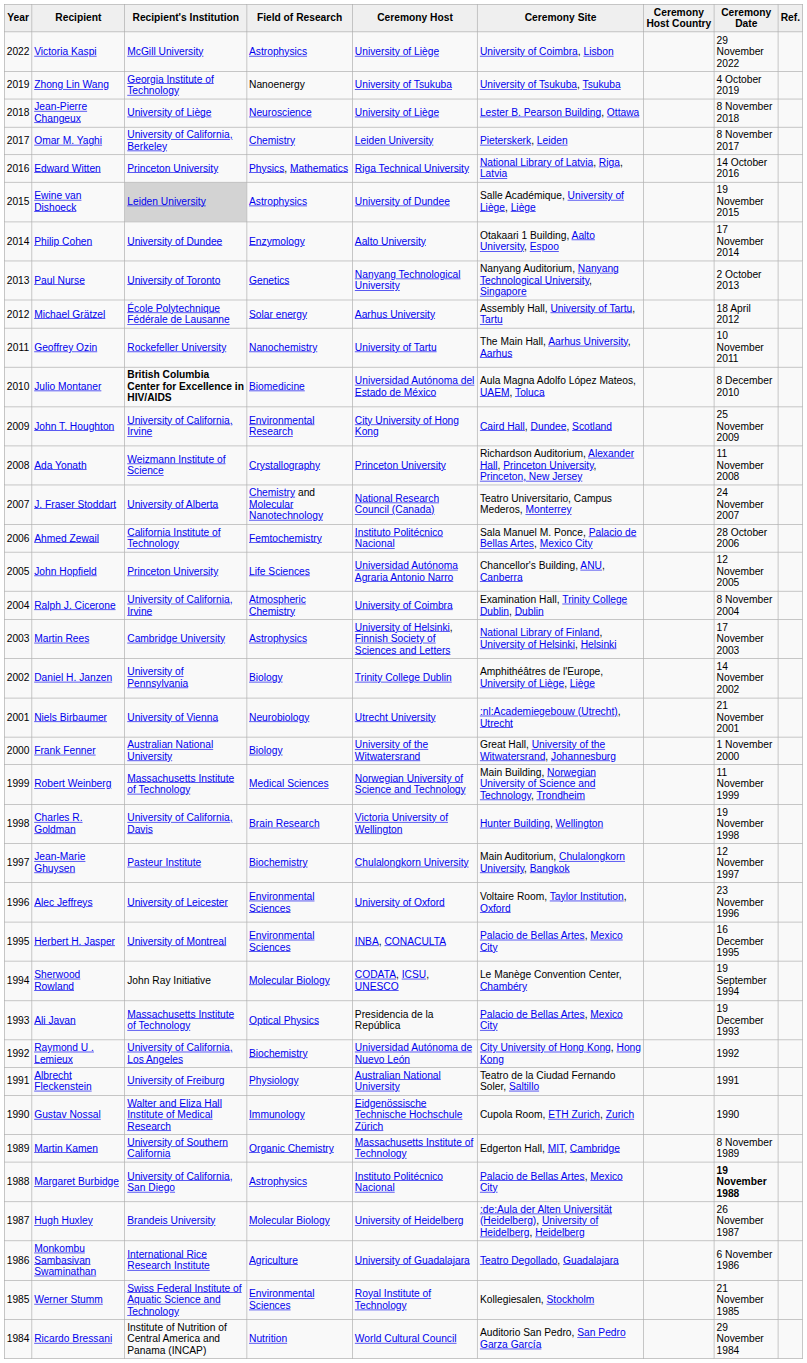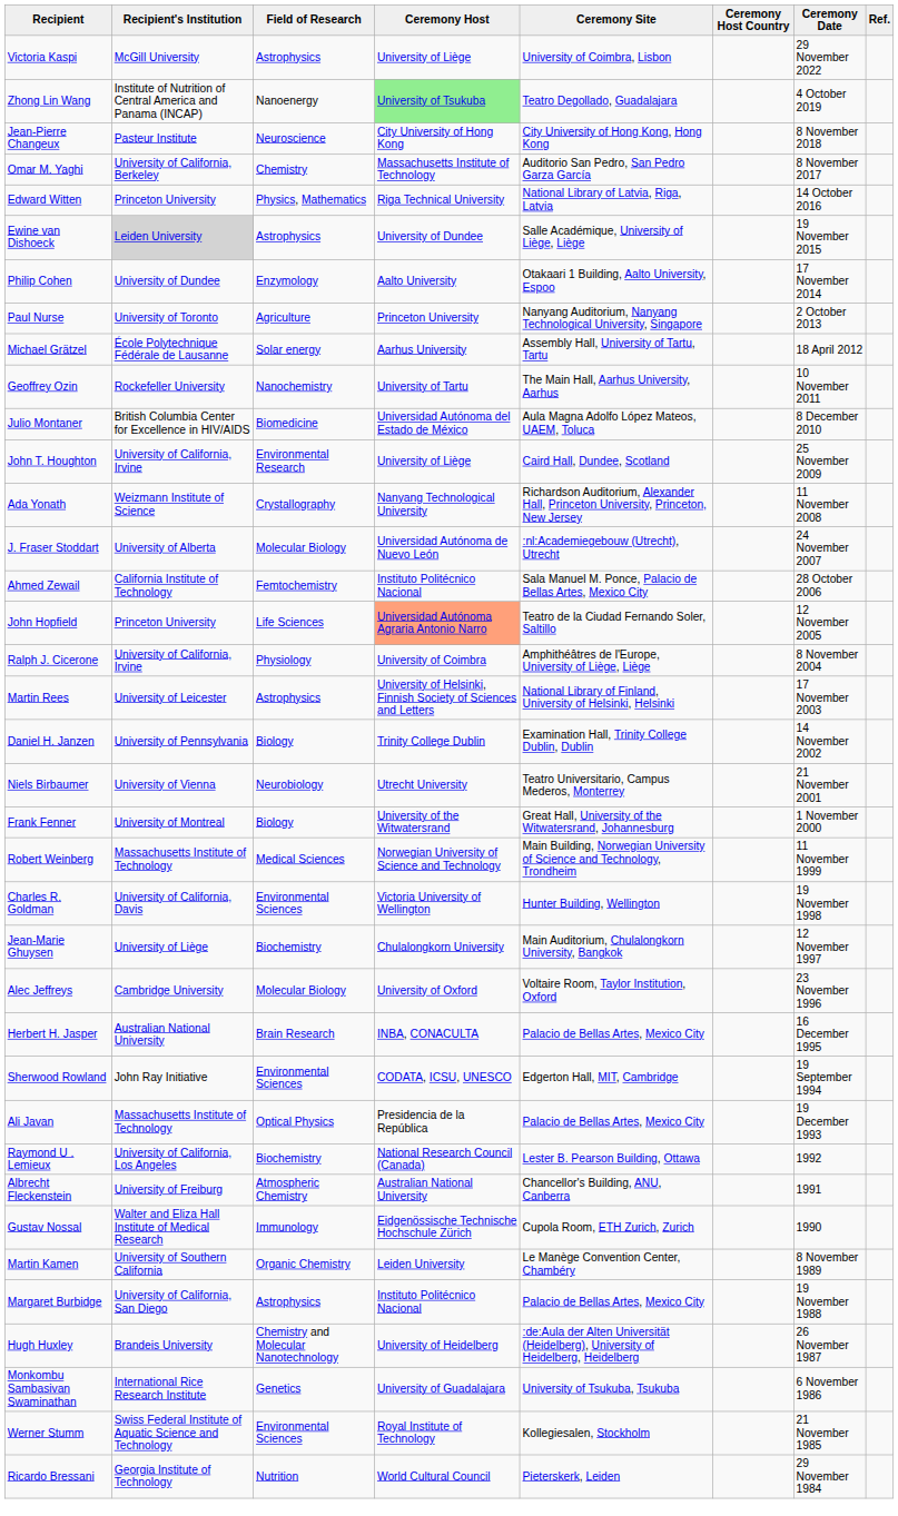 <table class="wikitable sortable">
 <tr>
-<th style="background:#efefef;">Year</th>
 <th style="background:#efefef;">Recipient</th>
 <th style="background:#efefef;">Recipient's Institution</th>
 <th style="background:#efefef;">Field of Research</th>
 <th style="background:#efefef;">Ceremony Host</th>
 <th style="background:#efefef;">Ceremony Site</th>
 <th style="background:#efefef;">Ceremony Host Country</th>
 <th style="background:#efefef;">Ceremony Date</th>
 <th style="background:#efefef;" class="unsortable">Ref.</th>
 </tr>
 <tr>
-<td style="text-align:center;">2022</td>
 <td><a href='#'>Victoria Kaspi</a></td>
 <td><a href='#'>McGill University</a></td>
 <td><a href='#'>Astrophysics</a></td>
 <td><a href='#'>University of Liège</a></td>
 <td><a href='#'>University of Coimbra</a>, <a href='#'>Lisbon</a></td>
 <td></td>
 <td>29 November 2022</td>
 <td></td>
 </tr>
 <tr>
-<td style="text-align:center;">2019</td>
 <td><a href='#'>Zhong Lin Wang</a></td>
-<td><a href='#'>Georgia Institute of Technology</a></td>
+<td>Institute of Nutrition of Central America and Panama (INCAP)</td>
 <td>Nanoenergy</td>
-<td><a href='#'>University of Tsukuba</a></td>
-<td><a href='#'>University of Tsukuba</a>, <a href='#'>Tsukuba</a></td>
+<td style="background: lightgreen;"><a href='#'>University of Tsukuba</a></td>
+<td><a href='#'>Teatro Degollado</a>, <a href='#'>Guadalajara</a></td>
 <td></td>
 <td>4 October 2019</td>
 <td></td>
 </tr>
 <tr>
-<td style="text-align:center;">2018</td>
 <td><a href='#'>Jean-Pierre Changeux</a></td>
-<td><a href='#'>University of Liège</a></td>
+<td><a href='#'>Pasteur Institute</a></td>
 <td><a href='#'>Neuroscience</a></td>
-<td><a href='#'>University of Liège</a></td>
-<td><a href='#'>Lester B. Pearson Building</a>, <a href='#'>Ottawa</a></td>
+<td><a href='#'>City University of Hong Kong</a></td>
+<td><a href='#'>City University of Hong Kong</a>, <a href='#'>Hong Kong</a></td>
 <td></td>
 <td>8 November 2018</td>
 <td><br>  </td>
 </tr>
 <tr>
-<td style="text-align:center;">2017</td>
 <td><a href='#'>Omar M. Yaghi</a></td>
 <td><a href='#'>University of California, Berkeley</a></td>
 <td><a href='#'>Chemistry</a></td>
-<td><a href='#'>Leiden University</a></td>
-<td><a href='#'>Pieterskerk</a>, <a href='#'>Leiden</a></td>
+<td><a href='#'>Massachusetts Institute of Technology</a></td>
+<td>Auditorio San Pedro, <a href='#'>San Pedro Garza García</a></td>
 <td></td>
 <td>8 November 2017</td>
 <td></td>
 </tr>
 <tr>
-<td style="text-align:center;">2016</td>
 <td><a href='#'>Edward Witten</a></td>
 <td><a href='#'>Princeton University</a></td>
 <td><a href='#'>Physics</a>, <a href='#'>Mathematics</a></td>
 <td><a href='#'>Riga Technical University</a></td>
 <td><a href='#'>National Library of Latvia</a>, <a href='#'>Riga</a>, <a href='#'>Latvia</a></td>
 <td></td>
 <td>14 October 2016</td>
 <td></td>
 </tr>
 <tr>
-<td style="text-align:center;">2015</td>
 <td><a href='#'>Ewine van Dishoeck</a></td>
 <td style="background: lightgrey;"><a href='#'>Leiden University</a></td>
 <td><a href='#'>Astrophysics</a></td>
 <td><a href='#'>University of Dundee</a></td>
 <td>Salle Académique, <a href='#'>University of Liège</a>, <a href='#'>Liège</a></td>
 <td></td>
 <td>19 November 2015</td>
 <td></td>
 </tr>
 <tr>
-<td style="text-align:center;">2014</td>
 <td><a href='#'>Philip Cohen</a></td>
 <td><a href='#'>University of Dundee</a></td>
 <td><a href='#'>Enzymology</a></td>
 <td><a href='#'>Aalto University</a></td>
 <td>Otakaari 1 Building, <a href='#'>Aalto University</a>, <a href='#'>Espoo</a></td>
 <td></td>
 <td>17 November 2014</td>
 <td></td>
 </tr>
 <tr>
-<td style="text-align:center;">2013</td>
 <td><a href='#'>Paul Nurse</a></td>
 <td><a href='#'>University of Toronto</a></td>
-<td><a href='#'>Genetics</a></td>
-<td><a href='#'>Nanyang Technological University</a></td>
+<td><a href='#'>Agriculture</a></td>
+<td><a href='#'>Princeton University</a></td>
 <td>Nanyang Auditorium, <a href='#'>Nanyang Technological University</a>, <a href='#'>Singapore</a></td>
 <td></td>
 <td>2 October 2013</td>
 <td></td>
 </tr>
 <tr>
-<td style="text-align:center;">2012</td>
 <td><a href='#'>Michael Grätzel</a></td>
 <td><a href='#'>École Polytechnique Fédérale de Lausanne</a></td>
 <td><a href='#'>Solar energy</a></td>
 <td><a href='#'>Aarhus University</a></td>
 <td>Assembly Hall, <a href='#'>University of Tartu</a>, <a href='#'>Tartu</a></td>
 <td></td>
 <td>18 April 2012</td>
 <td></td>
 </tr>
 <tr>
-<td style="text-align:center;">2011</td>
 <td><a href='#'>Geoffrey Ozin</a></td>
 <td><a href='#'>Rockefeller University</a></td>
 <td><a href='#'>Nanochemistry</a></td>
 <td><a href='#'>University of Tartu</a></td>
 <td>The Main Hall, <a href='#'>Aarhus University</a>, <a href='#'>Aarhus</a></td>
 <td></td>
 <td>10 November 2011</td>
 <td></td>
 </tr>
 <tr>
-<td style="text-align:center;">2010</td>
 <td><a href='#'>Julio Montaner</a></td>
-<td><strong>British Columbia Center for Excellence in HIV/AIDS</strong></td>
+<td>British Columbia Center for Excellence in HIV/AIDS</td>
 <td><a href='#'>Biomedicine</a></td>
 <td><a href='#'>Universidad Autónoma del Estado de México</a></td>
 <td>Aula Magna Adolfo López Mateos, <a href='#'>UAEM</a>, <a href='#'>Toluca</a></td>
 <td></td>
 <td>8 December 2010</td>
 <td></td>
 </tr>
 <tr>
-<td style="text-align:center;">2009</td>
 <td><a href='#'>John T. Houghton</a></td>
 <td><a href='#'>University of California, Irvine</a></td>
 <td><a href='#'>Environmental Research</a></td>
-<td><a href='#'>City University of Hong Kong</a></td>
+<td><a href='#'>University of Liège</a></td>
 <td><a href='#'>Caird Hall</a>, <a href='#'>Dundee</a>, <a href='#'>Scotland</a></td>
 <td></td>
 <td>25 November 2009</td>
 <td></td>
 </tr>
 <tr>
-<td style="text-align:center;">2008</td>
 <td><a href='#'>Ada Yonath</a></td>
 <td><a href='#'>Weizmann Institute of Science</a></td>
 <td><a href='#'>Crystallography</a></td>
-<td><a href='#'>Princeton University</a></td>
+<td><a href='#'>Nanyang Technological University</a></td>
 <td>Richardson Auditorium, <a href='#'>Alexander Hall</a>, <a href='#'>Princeton University</a>, <a href='#'>Princeton, New Jersey</a></td>
 <td></td>
 <td>11 November 2008</td>
 <td></td>
 </tr>
 <tr>
-<td style="text-align:center;">2007</td>
 <td><a href='#'>J. Fraser Stoddart</a></td>
 <td><a href='#'>University of Alberta</a></td>
-<td><a href='#'>Chemistry</a> and <a href='#'>Molecular Nanotechnology</a></td>
-<td><a href='#'>National Research Council (Canada)</a></td>
-<td>Teatro Universitario, Campus Mederos, <a href='#'>Monterrey</a></td>
+<td><a href='#'>Molecular Biology</a></td>
+<td><a href='#'>Universidad Autónoma de Nuevo León</a></td>
+<td><a href='#'>:nl:Academiegebouw (Utrecht)</a>, <a href='#'>Utrecht</a></td>
 <td></td>
 <td>24 November 2007</td>
 <td></td>
 </tr>
 <tr>
-<td style="text-align:center;">2006</td>
 <td><a href='#'>Ahmed Zewail</a></td>
 <td><a href='#'>California Institute of Technology</a></td>
 <td><a href='#'>Femtochemistry</a></td>
 <td><a href='#'>Instituto Politécnico Nacional</a></td>
 <td>Sala Manuel M. Ponce, <a href='#'>Palacio de Bellas Artes</a>, <a href='#'>Mexico City</a></td>
 <td></td>
 <td>28 October 2006</td>
 <td></td>
 </tr>
 <tr>
-<td style="text-align:center;">2005</td>
 <td><a href='#'>John Hopfield</a></td>
 <td><a href='#'>Princeton University</a></td>
 <td><a href='#'>Life Sciences</a></td>
-<td><a href='#'>Universidad Autónoma Agraria Antonio Narro</a></td>
-<td>Chancellor's Building, <a href='#'>ANU</a>, <a href='#'>Canberra</a></td>
+<td style="background: lightsalmon;"><a href='#'>Universidad Autónoma Agraria Antonio Narro</a></td>
+<td>Teatro de la Ciudad Fernando Soler, <a href='#'>Saltillo</a></td>
 <td></td>
 <td>12 November 2005</td>
 <td></td>
 </tr>
 <tr>
-<td style="text-align:center;">2004</td>
 <td><a href='#'>Ralph J. Cicerone</a></td>
 <td><a href='#'>University of California, Irvine</a></td>
-<td><a href='#'>Atmospheric Chemistry</a></td>
+<td><a href='#'>Physiology</a></td>
 <td><a href='#'>University of Coimbra</a></td>
-<td>Examination Hall, <a href='#'>Trinity College Dublin</a>, <a href='#'>Dublin</a></td>
+<td>Amphithéâtres de l'Europe, <a href='#'>University of Liège</a>, <a href='#'>Liège</a></td>
 <td></td>
 <td>8 November 2004</td>
 <td></td>
 </tr>
 <tr>
-<td style="text-align:center;">2003</td>
 <td><a href='#'>Martin Rees</a></td>
-<td><a href='#'>Cambridge University</a></td>
+<td><a href='#'>University of Leicester</a></td>
 <td><a href='#'>Astrophysics</a></td>
 <td><a href='#'>University of Helsinki</a>, <a href='#'>Finnish Society of Sciences and Letters</a></td>
 <td><a href='#'>National Library of Finland</a>, <a href='#'>University of Helsinki</a>, <a href='#'>Helsinki</a></td>
 <td></td>
 <td>17 November 2003</td>
 <td></td>
 </tr>
 <tr>
-<td style="text-align:center;">2002</td>
 <td><a href='#'>Daniel H. Janzen</a></td>
 <td><a href='#'>University of Pennsylvania</a></td>
 <td><a href='#'>Biology</a></td>
 <td><a href='#'>Trinity College Dublin</a></td>
-<td>Amphithéâtres de l'Europe, <a href='#'>University of Liège</a>, <a href='#'>Liège</a></td>
+<td>Examination Hall, <a href='#'>Trinity College Dublin</a>, <a href='#'>Dublin</a></td>
 <td></td>
 <td>14 November 2002</td>
 <td></td>
 </tr>
 <tr>
-<td style="text-align:center;">2001</td>
 <td><a href='#'>Niels Birbaumer</a></td>
 <td><a href='#'>University of Vienna</a></td>
 <td><a href='#'>Neurobiology</a></td>
 <td><a href='#'>Utrecht University</a></td>
-<td><a href='#'>:nl:Academiegebouw (Utrecht)</a>, <a href='#'>Utrecht</a></td>
+<td>Teatro Universitario, Campus Mederos, <a href='#'>Monterrey</a></td>
 <td></td>
 <td>21 November 2001</td>
 <td></td>
 </tr>
 <tr>
-<td style="text-align:center;">2000</td>
 <td><a href='#'>Frank Fenner</a></td>
-<td><a href='#'>Australian National University</a></td>
+<td><a href='#'>University of Montreal</a></td>
 <td><a href='#'>Biology</a></td>
 <td><a href='#'>University of the Witwatersrand</a></td>
 <td>Great Hall, <a href='#'>University of the Witwatersrand</a>, <a href='#'>Johannesburg</a></td>
 <td></td>
 <td>1 November 2000</td>
 <td></td>
 </tr>
 <tr>
-<td style="text-align:center;">1999</td>
 <td><a href='#'>Robert Weinberg</a></td>
 <td><a href='#'>Massachusetts Institute of Technology</a></td>
 <td><a href='#'>Medical Sciences</a></td>
 <td><a href='#'>Norwegian University of Science and Technology</a></td>
 <td>Main Building, <a href='#'>Norwegian University of Science and Technology</a>, <a href='#'>Trondheim</a></td>
 <td></td>
 <td>11 November 1999</td>
 <td></td>
 </tr>
 <tr>
-<td style="text-align:center;">1998</td>
 <td><a href='#'>Charles R. Goldman</a></td>
 <td><a href='#'>University of California, Davis</a></td>
-<td><a href='#'>Brain Research</a></td>
+<td><a href='#'>Environmental Sciences</a></td>
 <td><a href='#'>Victoria University of Wellington</a></td>
 <td><a href='#'>Hunter Building</a>, <a href='#'>Wellington</a></td>
 <td></td>
 <td>19 November 1998</td>
 <td></td>
 </tr>
 <tr>
-<td style="text-align:center;">1997</td>
 <td><a href='#'>Jean-Marie Ghuysen</a></td>
-<td><a href='#'>Pasteur Institute</a></td>
+<td><a href='#'>University of Liège</a></td>
 <td><a href='#'>Biochemistry</a></td>
 <td><a href='#'>Chulalongkorn University</a></td>
 <td>Main Auditorium, <a href='#'>Chulalongkorn University</a>, <a href='#'>Bangkok</a></td>
 <td></td>
 <td>12 November 1997</td>
 <td></td>
 </tr>
 <tr>
-<td style="text-align:center;">1996</td>
 <td><a href='#'>Alec Jeffreys</a></td>
-<td><a href='#'>University of Leicester</a></td>
-<td><a href='#'>Environmental Sciences</a></td>
+<td><a href='#'>Cambridge University</a></td>
+<td><a href='#'>Molecular Biology</a></td>
 <td><a href='#'>University of Oxford</a></td>
 <td>Voltaire Room, <a href='#'>Taylor Institution</a>, <a href='#'>Oxford</a></td>
 <td></td>
 <td>23 November 1996</td>
 <td></td>
 </tr>
 <tr>
-<td style="text-align:center;">1995</td>
 <td><a href='#'>Herbert H. Jasper</a></td>
-<td><a href='#'>University of Montreal</a></td>
-<td><a href='#'>Environmental Sciences</a></td>
+<td><a href='#'>Australian National University</a></td>
+<td><a href='#'>Brain Research</a></td>
 <td><a href='#'>INBA</a>, <a href='#'>CONACULTA</a></td>
 <td><a href='#'>Palacio de Bellas Artes</a>, <a href='#'>Mexico City</a></td>
 <td></td>
 <td>16 December 1995</td>
 <td></td>
 </tr>
 <tr>
-<td style="text-align:center;">1994</td>
 <td><a href='#'>Sherwood Rowland</a></td>
 <td>John Ray Initiative</td>
-<td><a href='#'>Molecular Biology</a></td>
+<td><a href='#'>Environmental Sciences</a></td>
 <td><a href='#'>CODATA</a>, <a href='#'>ICSU</a>, <a href='#'>UNESCO</a></td>
-<td>Le Manège Convention Center, <a href='#'>Chambéry</a></td>
+<td>Edgerton Hall, <a href='#'>MIT</a>, <a href='#'>Cambridge</a></td>
 <td></td>
 <td>19 September 1994</td>
 <td></td>
 </tr>
 <tr>
-<td style="text-align:center;">1993</td>
 <td><a href='#'>Ali Javan</a></td>
 <td><a href='#'>Massachusetts Institute of Technology</a></td>
 <td><a href='#'>Optical Physics</a></td>
 <td>Presidencia de la República</td>
 <td><a href='#'>Palacio de Bellas Artes</a>, <a href='#'>Mexico City</a></td>
 <td></td>
 <td>19 December 1993</td>
 <td></td>
 </tr>
 <tr>
-<td style="text-align:center;">1992</td>
 <td><a href='#'>Raymond U . Lemieux</a></td>
 <td><a href='#'>University of California, Los Angeles</a></td>
 <td><a href='#'>Biochemistry</a></td>
-<td><a href='#'>Universidad Autónoma de Nuevo León</a></td>
-<td><a href='#'>City University of Hong Kong</a>, <a href='#'>Hong Kong</a></td>
+<td><a href='#'>National Research Council (Canada)</a></td>
+<td><a href='#'>Lester B. Pearson Building</a>, <a href='#'>Ottawa</a></td>
 <td></td>
 <td>1992</td>
 <td></td>
 </tr>
 <tr>
-<td style="text-align:center;">1991</td>
 <td><a href='#'>Albrecht Fleckenstein</a></td>
 <td><a href='#'>University of Freiburg</a></td>
-<td><a href='#'>Physiology</a></td>
+<td><a href='#'>Atmospheric Chemistry</a></td>
 <td><a href='#'>Australian National University</a></td>
-<td>Teatro de la Ciudad Fernando Soler, <a href='#'>Saltillo</a></td>
+<td>Chancellor's Building, <a href='#'>ANU</a>, <a href='#'>Canberra</a></td>
 <td></td>
 <td>1991</td>
 <td></td>
 </tr>
 <tr>
-<td style="text-align:center;">1990</td>
 <td><a href='#'>Gustav Nossal</a></td>
 <td><a href='#'>Walter and Eliza Hall Institute of Medical Research</a></td>
 <td><a href='#'>Immunology</a></td>
 <td><a href='#'>Eidgenössische Technische Hochschule Zürich</a></td>
 <td>Cupola Room, <a href='#'>ETH Zurich</a>, <a href='#'>Zurich</a></td>
 <td></td>
 <td>1990</td>
 <td></td>
 </tr>
 <tr>
-<td style="text-align:center;">1989</td>
 <td><a href='#'>Martin Kamen</a></td>
 <td><a href='#'>University of Southern California</a></td>
 <td><a href='#'>Organic Chemistry</a></td>
-<td><a href='#'>Massachusetts Institute of Technology</a></td>
-<td>Edgerton Hall, <a href='#'>MIT</a>, <a href='#'>Cambridge</a></td>
+<td><a href='#'>Leiden University</a></td>
+<td>Le Manège Convention Center, <a href='#'>Chambéry</a></td>
 <td></td>
 <td>8 November 1989</td>
 <td></td>
 </tr>
 <tr>
-<td style="text-align:center;">1988</td>
 <td><a href='#'>Margaret Burbidge</a></td>
 <td><a href='#'>University of California, San Diego</a></td>
 <td><a href='#'>Astrophysics</a></td>
 <td><a href='#'>Instituto Politécnico Nacional</a></td>
 <td><a href='#'>Palacio de Bellas Artes</a>, <a href='#'>Mexico City</a></td>
 <td></td>
-<td><strong>19 November 1988</strong></td>
+<td>19 November 1988</td>
 <td></td>
 </tr>
 <tr>
-<td style="text-align:center;">1987</td>
 <td><a href='#'>Hugh Huxley</a></td>
 <td><a href='#'>Brandeis University</a></td>
-<td><a href='#'>Molecular Biology</a></td>
+<td><a href='#'>Chemistry</a> and <a href='#'>Molecular Nanotechnology</a></td>
 <td><a href='#'>University of Heidelberg</a></td>
 <td><a href='#'>:de:Aula der Alten Universität (Heidelberg)</a>, <a href='#'>University of Heidelberg</a>, <a href='#'>Heidelberg</a></td>
 <td></td>
 <td>26 November 1987</td>
 <td></td>
 </tr>
 <tr>
-<td style="text-align:center;">1986</td>
 <td><a href='#'>Monkombu Sambasivan Swaminathan</a></td>
 <td><a href='#'>International Rice Research Institute</a></td>
-<td><a href='#'>Agriculture</a></td>
+<td><a href='#'>Genetics</a></td>
 <td><a href='#'>University of Guadalajara</a></td>
-<td><a href='#'>Teatro Degollado</a>, <a href='#'>Guadalajara</a></td>
+<td><a href='#'>University of Tsukuba</a>, <a href='#'>Tsukuba</a></td>
 <td></td>
 <td>6 November 1986</td>
 <td></td>
 </tr>
 <tr>
-<td style="text-align:center;">1985</td>
 <td><a href='#'>Werner Stumm</a></td>
 <td><a href='#'>Swiss Federal Institute of Aquatic Science and Technology</a></td>
 <td><a href='#'>Environmental Sciences</a></td>
 <td><a href='#'>Royal Institute of Technology</a></td>
 <td>Kollegiesalen, <a href='#'>Stockholm</a></td>
 <td></td>
 <td>21 November 1985</td>
 <td></td>
 </tr>
 <tr>
-<td style="text-align:center;">1984</td>
 <td><a href='#'>Ricardo Bressani</a></td>
-<td>Institute of Nutrition of Central America and Panama (INCAP)</td>
+<td><a href='#'>Georgia Institute of Technology</a></td>
 <td><a href='#'>Nutrition</a></td>
 <td><a href='#'>World Cultural Council</a></td>
-<td>Auditorio San Pedro, <a href='#'>San Pedro Garza García</a></td>
+<td><a href='#'>Pieterskerk</a>, <a href='#'>Leiden</a></td>
 <td></td>
 <td>29 November 1984</td>
 <td></td>
 </tr>
 </table>
